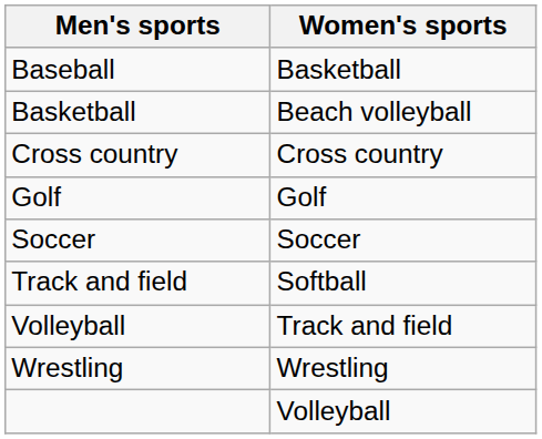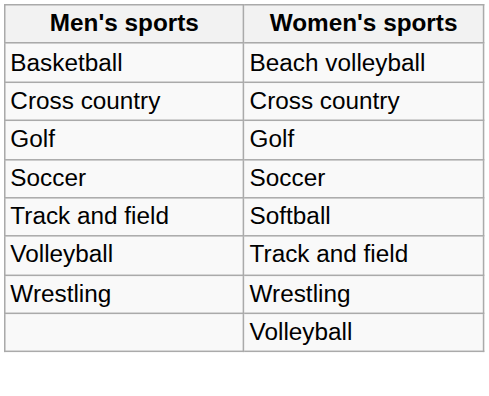 <table class="wikitable"; style= "text-align: ">
 <tr>
 <th width=150px>Men's sports</th>
 <th width=150px>Women's sports</th>
-</tr>
-<tr>
-<td>Baseball</td>
-<td>Basketball</td>
 </tr>
 <tr>
 <td>Basketball</td>
 <td>Beach volleyball</td>
 </tr>
 <tr>
 <td>Cross country</td>
 <td>Cross country</td>
 </tr>
 <tr>
 <td>Golf</td>
 <td>Golf</td>
 </tr>
 <tr>
 <td>Soccer</td>
 <td>Soccer</td>
 </tr>
 <tr>
 <td>Track and field</td>
 <td>Softball</td>
 </tr>
 <tr>
 <td>Volleyball</td>
 <td>Track and field</td>
 </tr>
 <tr>
 <td>Wrestling</td>
 <td>Wrestling</td>
 </tr>
 <tr>
 <td></td>
 <td>Volleyball</td>
 </tr>
 </table>
